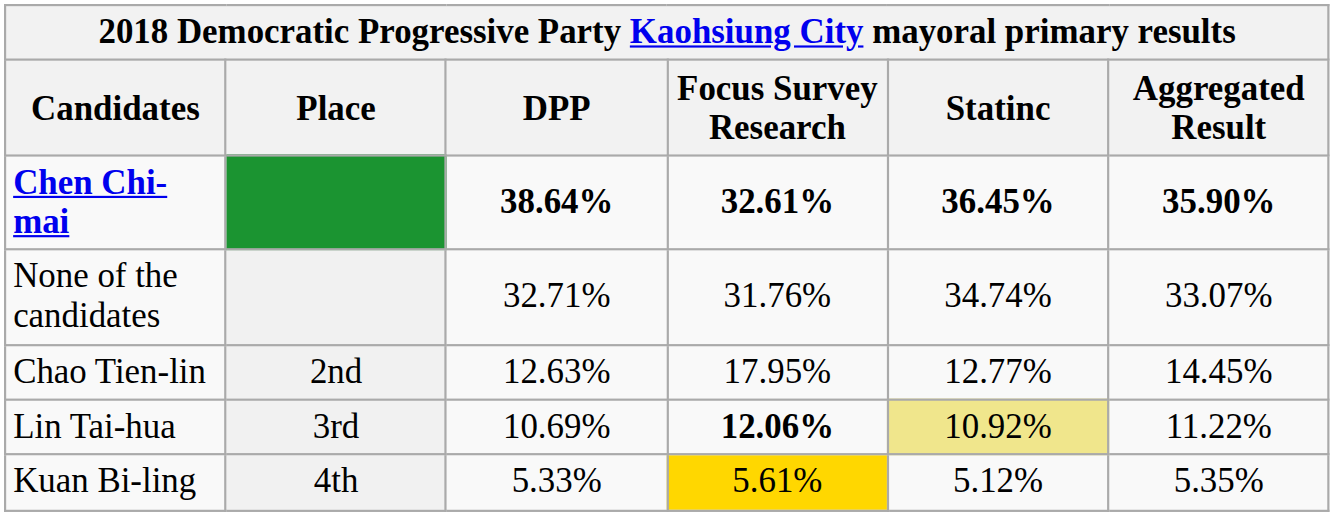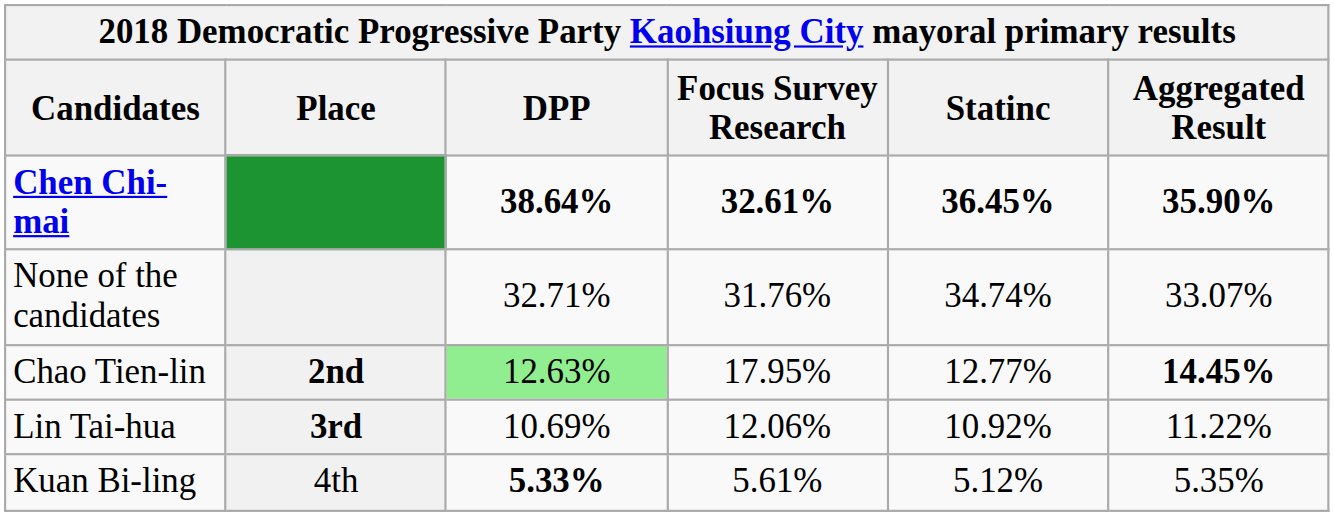 <table class="wikitable collapsible">
 <tr>
 <th colspan="6" width=600>2018 Democratic Progressive Party <a href='#'>Kaohsiung City</a> mayoral primary results</th>
 </tr>
 <tr>
 <th width=80>Candidates</th>
 <th width=80>Place</th>
 <th width=80>DPP</th>
 <th width=80>Focus Survey Research</th>
 <th width=80>Statinc</th>
 <th width=80>Aggregated Result</th>
 </tr>
 <tr>
 <td><strong><a href='#'>Chen Chi-mai</a></strong></td>
 <td style="background: #1B9431; text-align:center"><strong></strong></td>
 <td style="text-align:center"><strong>38.64%</strong></td>
 <td style="text-align:center"><strong>32.61%</strong></td>
 <td style="text-align:center"><strong>36.45%</strong></td>
 <td style="text-align:center"><strong>35.90%</strong></td>
 </tr>
 <tr>
 <td>None of the candidates</td>
 <td style="background: #f1f1f1; text-align:center"></td>
 <td style="text-align:center">32.71%</td>
 <td style="text-align:center">31.76%</td>
 <td style="text-align:center">34.74%</td>
 <td style="text-align:center">33.07%</td>
 </tr>
 <tr>
 <td>Chao Tien-lin</td>
-<td style="background: #f1f1f1; text-align:center">2nd</td>
-<td style="text-align:center">12.63%</td>
+<td style="background: #f1f1f1; text-align:center"><strong>2nd</strong></td>
+<td style="background: lightgreen; text-align:center">12.63%</td>
 <td style="text-align:center">17.95%</td>
 <td style="text-align:center">12.77%</td>
-<td style="text-align:center">14.45%</td>
+<td style="text-align:center"><strong>14.45%</strong></td>
 </tr>
 <tr>
 <td>Lin Tai-hua</td>
-<td style="background: #f1f1f1; text-align:center">3rd</td>
+<td style="background: #f1f1f1; text-align:center"><strong>3rd</strong></td>
 <td style="text-align:center">10.69%</td>
-<td style="text-align:center"><strong>12.06%</strong></td>
-<td style="background: khaki; text-align:center">10.92%</td>
+<td style="text-align:center">12.06%</td>
+<td style="text-align:center">10.92%</td>
 <td style="text-align:center">11.22%</td>
 </tr>
 <tr>
 <td>Kuan Bi-ling</td>
 <td style="background: #f1f1f1; text-align:center">4th</td>
-<td style="text-align:center">5.33%</td>
-<td style="background: gold; text-align:center">5.61%</td>
+<td style="text-align:center"><strong>5.33%</strong></td>
+<td style="text-align:center">5.61%</td>
 <td style="text-align:center">5.12%</td>
 <td style="text-align:center">5.35%</td>
 </tr>
 </table>
